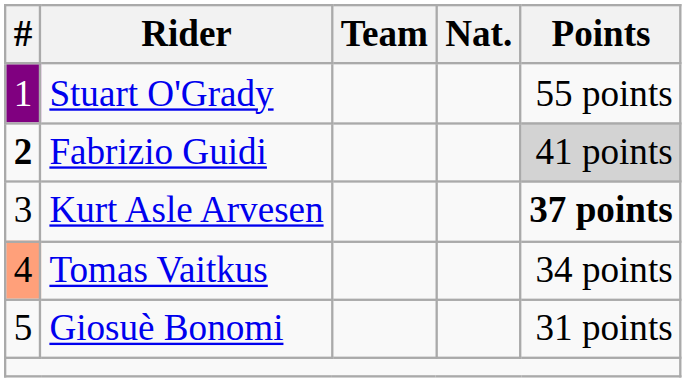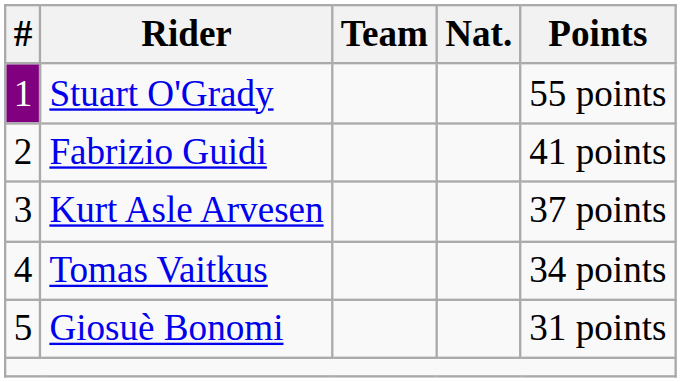 <table class=wikitable>
 <tr>
 <th align=right>#</th>
 <th>Rider</th>
 <th>Team</th>
 <th>Nat.</th>
 <th align=right>Points</th>
 </tr>
 <tr>
 <td align=right bgcolor=purple style="color:white">1</td>
 <td><a href='#'>Stuart O'Grady</a></td>
 <td></td>
 <td></td>
 <td align=right>55 points</td>
 </tr>
 <tr>
-<td align=right><strong>2</strong></td>
+<td align=right>2</td>
 <td><a href='#'>Fabrizio Guidi</a></td>
 <td></td>
 <td></td>
-<td align=right style="background: lightgrey;">41 points</td>
+<td align=right>41 points</td>
 </tr>
 <tr>
 <td align=right>3</td>
 <td><a href='#'>Kurt Asle Arvesen</a></td>
 <td></td>
 <td></td>
-<td align=right><strong>37 points</strong></td>
+<td align=right>37 points</td>
 </tr>
 <tr>
-<td align=right style="background: lightsalmon;">4</td>
+<td align=right>4</td>
 <td><a href='#'>Tomas Vaitkus</a></td>
 <td></td>
 <td></td>
 <td align=right>34 points</td>
 </tr>
 <tr>
 <td align=right>5</td>
 <td><a href='#'>Giosuè Bonomi</a></td>
 <td></td>
 <td></td>
 <td align=right>31 points</td>
 </tr>
 <tr>
 <td align=right colspan=5></td>
 </tr>
 </table>
